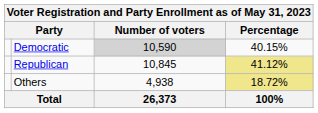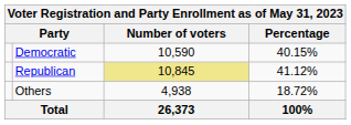 <table class=wikitable>
 <tr>
 <th colspan = 6>Voter Registration and Party Enrollment as of May 31, 2023</th>
 </tr>
 <tr>
 <th colspan = 2>Party</th>
 <th>Number of voters</th>
 <th>Percentage</th>
 </tr>
 <tr>
 <td></td>
 <td><a href='#'>Democratic</a></td>
-<td align = center style="background: lightgrey;">10,590</td>
+<td align = center>10,590</td>
 <td align = center>40.15%</td>
 </tr>
 <tr>
 <td></td>
 <td><a href='#'>Republican</a></td>
-<td align = center>10,845</td>
-<td align = center style="background: khaki;">41.12%</td>
+<td align = center style="background: khaki;">10,845</td>
+<td align = center>41.12%</td>
 </tr>
 <tr>
 <td></td>
 <td>Others</td>
 <td align = center>4,938</td>
-<td align = center style="background: khaki;">18.72%</td>
+<td align = center>18.72%</td>
 </tr>
 <tr>
 <th colspan = 2>Total</th>
 <th align = center>26,373</th>
 <th align = center>100%</th>
 </tr>
 </table>
